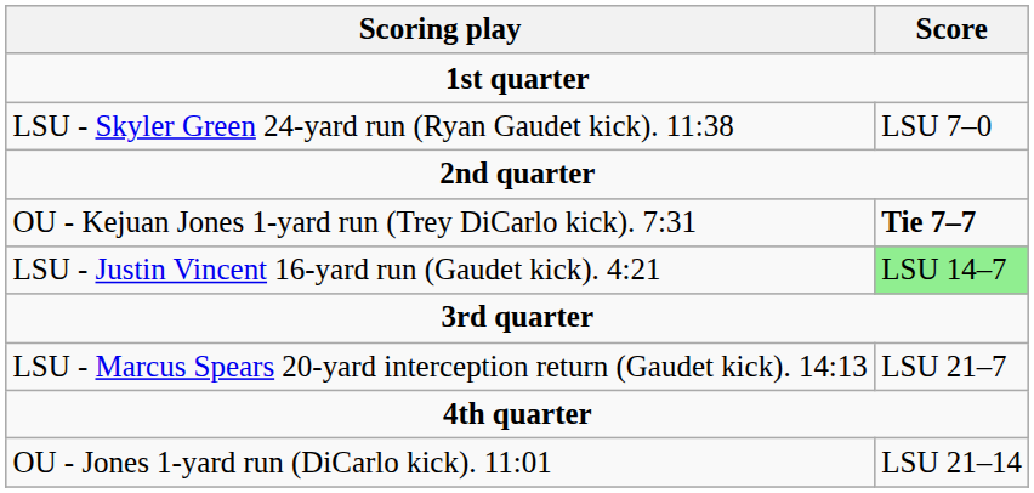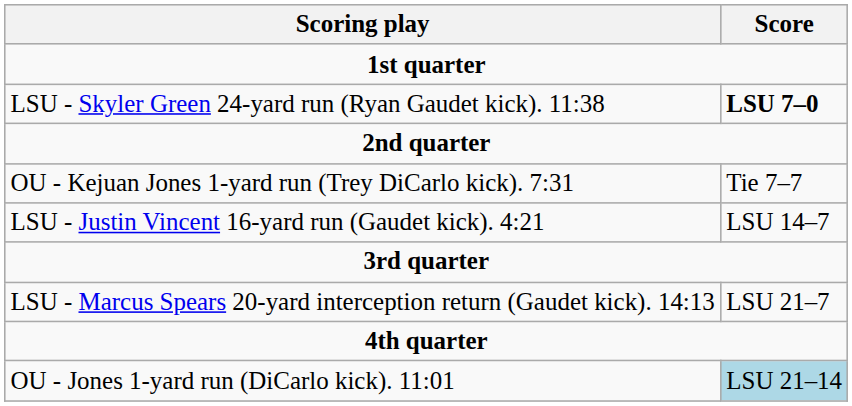 <table class="wikitable">
 <tr>
 <th>Scoring play</th>
 <th>Score</th>
 </tr>
 <tr>
 <td colspan="4" align="center"><strong>1st quarter</strong></td>
 </tr>
 <tr>
 <td>LSU - <a href='#'>Skyler Green</a> 24-yard run (Ryan Gaudet kick). 11:38</td>
-<td>LSU 7–0</td>
+<td><strong>LSU 7–0</strong></td>
 </tr>
 <tr>
 <td colspan="4" align="center"><strong>2nd quarter</strong></td>
 </tr>
 <tr>
 <td>OU - Kejuan Jones 1-yard run (Trey DiCarlo kick). 7:31</td>
-<td><strong>Tie 7–7</strong></td>
+<td>Tie 7–7</td>
 </tr>
 <tr>
 <td>LSU - <a href='#'>Justin Vincent</a> 16-yard run (Gaudet kick). 4:21</td>
-<td style="background: lightgreen;">LSU 14–7</td>
+<td>LSU 14–7</td>
 </tr>
 <tr>
 <td colspan="6" align="center"><strong>3rd quarter</strong></td>
 </tr>
 <tr>
 <td>LSU - <a href='#'>Marcus Spears</a> 20-yard interception return (Gaudet kick). 14:13</td>
 <td>LSU 21–7</td>
 </tr>
 <tr>
 <td colspan="6" align="center"><strong>4th quarter</strong></td>
 </tr>
 <tr>
 <td>OU - Jones 1-yard run (DiCarlo kick). 11:01</td>
-<td>LSU 21–14</td>
+<td style="background: lightblue;">LSU 21–14</td>
 </tr>
 </table>
